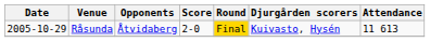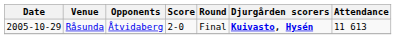 <table class="wikitable">
 <tr>
 <th>Date</th>
 <th>Venue</th>
 <th>Opponents</th>
 <th>Score</th>
 <th>Round</th>
 <th>Djurgården scorers</th>
 <th>Attendance</th>
 </tr>
 <tr>
 <td>2005-10-29</td>
 <td><a href='#'>Råsunda</a></td>
 <td><a href='#'>Åtvidaberg</a></td>
 <td>2-0</td>
-<td style="background: gold;">Final</td>
-<td><a href='#'>Kuivasto</a>, <a href='#'>Hysén</a></td>
+<td>Final</td>
+<td><strong><a href='#'>Kuivasto</a>, <a href='#'>Hysén</a></strong></td>
 <td>11 613</td>
 </tr>
 <tr>
 </tr>
 </table>
